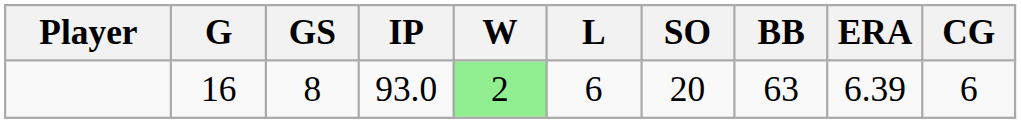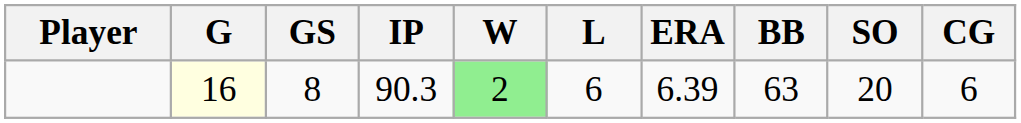 <table class="wikitable sortable">
 <tr>
 <th bgcolor="#DDDDFF" width="16%">Player</th>
 <th bgcolor="#DDDDFF" width="9%">G</th>
 <th bgcolor="#DDDDFF" width="9%">GS</th>
 <th bgcolor="#DDDDFF" width="9%">IP</th>
 <th bgcolor="#DDDDFF" width="9%">W</th>
 <th bgcolor="#DDDDFF" width="9%">L</th>
+<th bgcolor="#DDDDFF" width="9%">ERA</th>
+<th bgcolor="#DDDDFF" width="9%">BB</th>
 <th bgcolor="#DDDDFF" width="9%">SO</th>
-<th bgcolor="#DDDDFF" width="9%">BB</th>
-<th bgcolor="#DDDDFF" width="9%">ERA</th>
 <th bgcolor="#DDDDFF" width="9%">CG</th>
 </tr>
 <tr align="center">
 <td></td>
-<td>16</td>
+<td style="background: lightyellow;">16</td>
 <td>8</td>
-<td>93.0</td>
+<td>90.3</td>
 <td style="background: lightgreen;">2</td>
 <td>6</td>
+<td>6.39</td>
+<td>63</td>
 <td>20</td>
-<td>63</td>
-<td>6.39</td>
 <td>6</td>
 </tr>
 </table>
